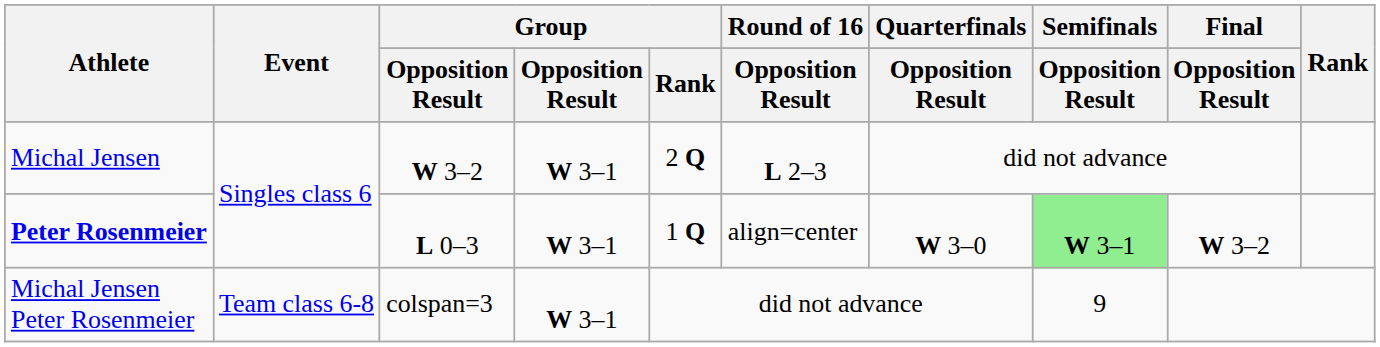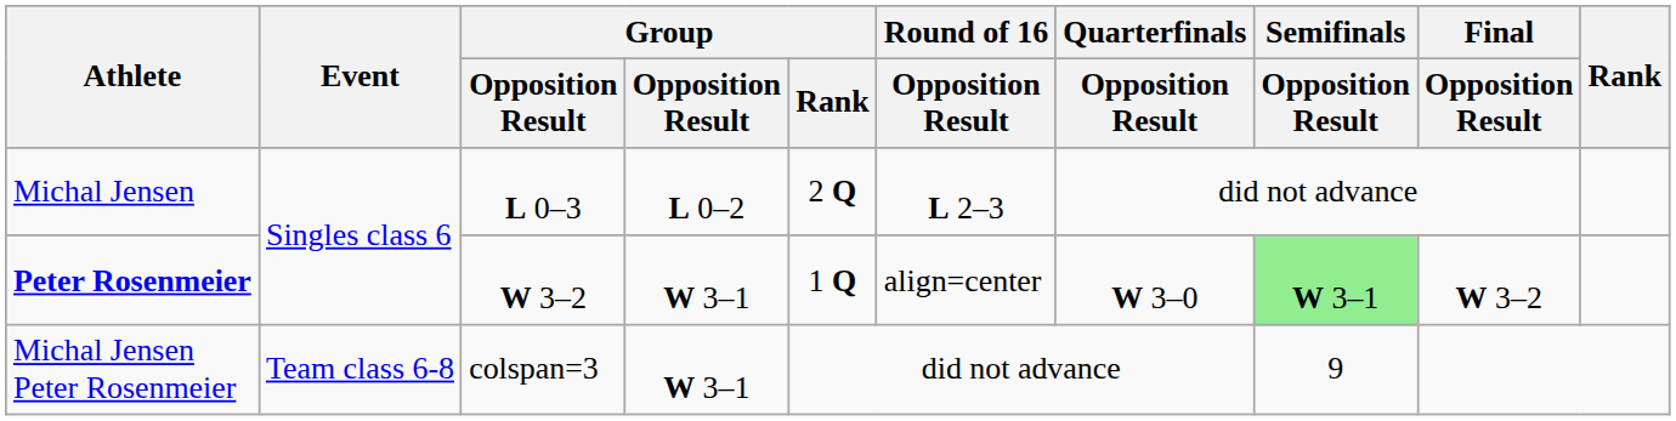 <table class="wikitable" style="font-size:90%">
 <tr>
 <th rowspan="2">Athlete</th>
 <th rowspan="2">Event</th>
 <th colspan="3">Group</th>
 <th>Round of 16</th>
 <th>Quarterfinals</th>
 <th>Semifinals</th>
 <th>Final</th>
 <th rowspan="2">Rank</th>
 </tr>
 <tr>
 <th>Opposition<br>Result</th>
 <th>Opposition<br>Result</th>
 <th>Rank</th>
 <th>Opposition<br>Result</th>
 <th>Opposition<br>Result</th>
 <th>Opposition<br>Result</th>
 <th>Opposition<br>Result</th>
 </tr>
 <tr>
 <td><a href='#'>Michal Jensen</a></td>
 <td rowspan=2><a href='#'>Singles class 6</a></td>
-<td align=center><br><strong>W</strong> 3–2</td>
-<td align=center><br><strong>W</strong> 3–1</td>
+<td align=center><br><strong>L</strong> 0–3</td>
+<td align=center><br><strong>L</strong> 0–2</td>
 <td align=center>2 <strong>Q</strong></td>
 <td align=center><br><strong>L</strong> 2–3</td>
 <td align=center colspan=3>did not advance</td>
 <td align=center></td>
 </tr>
 <tr>
 <td><strong><a href='#'>Peter Rosenmeier</a></strong></td>
-<td align=center><br><strong>L</strong> 0–3</td>
+<td align=center><br><strong>W</strong> 3–2</td>
 <td align=center><br><strong>W</strong> 3–1</td>
 <td align=center>1 <strong>Q</strong></td>
 <td>align=center </td>
 <td align=center><br><strong>W</strong> 3–0</td>
 <td align=center style="background: lightgreen;"><br><strong>W</strong> 3–1</td>
 <td align=center><br><strong>W</strong> 3–2</td>
 <td align=center></td>
 </tr>
 <tr>
 <td><a href='#'>Michal Jensen</a><br><a href='#'>Peter Rosenmeier</a></td>
 <td><a href='#'>Team class 6-8</a></td>
 <td>colspan=3 </td>
 <td align=center><br><strong>W</strong> 3–1</td>
 <td align=center colspan=3>did not advance</td>
 <td align=center>9</td>
 </tr>
 </table>
